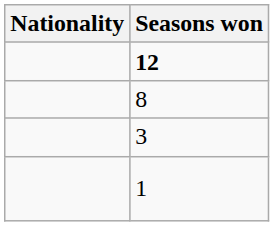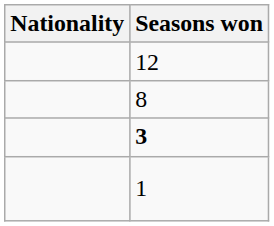 <table class=wikitable>
 <tr>
 <th>Nationality</th>
 <th>Seasons won</th>
 </tr>
 <tr>
 <td></td>
-<td><strong>12</strong></td>
+<td>12</td>
 </tr>
 <tr>
 <td></td>
 <td>8</td>
 </tr>
 <tr>
 <td></td>
-<td>3</td>
+<td><strong>3</strong></td>
 </tr>
 <tr>
 <td> <br>  <br> </td>
 <td>1</td>
 </tr>
 </table>
